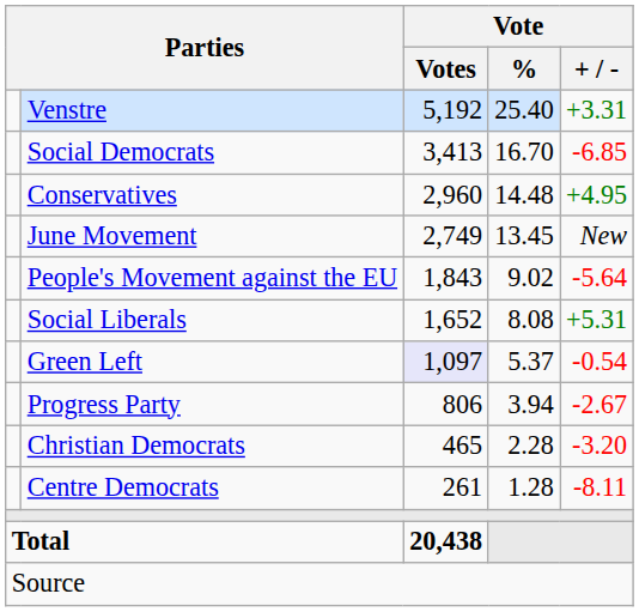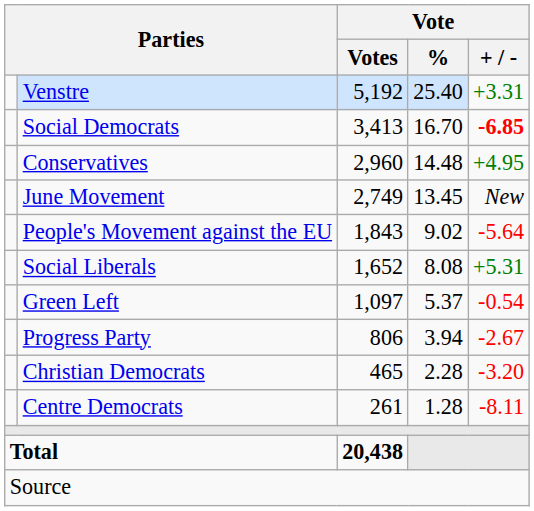 <table class="wikitable" style="text-align:right;">
 <tr>
 <th style="text-align:centre;" rowspan="2" colspan="2" width="225">Parties</th>
 <th colspan="3">Vote</th>
 </tr>
 <tr>
 <th width="15">Votes</th>
 <th width="15">%</th>
 <th width="15">+ / -</th>
 </tr>
 <tr>
 <td width="2" style="color:inherit;background:"></td>
 <td bgcolor=#cfe5fe   align="left"><a href='#'>Venstre</a></td>
 <td bgcolor=#cfe5fe>5,192</td>
 <td bgcolor=#cfe5fe>25.40</td>
 <td style=color:green;>+3.31</td>
 </tr>
 <tr>
 <td width="2" style="color:inherit;background:"></td>
 <td align="left"><a href='#'>Social Democrats</a></td>
 <td>3,413</td>
 <td>16.70</td>
-<td style=color:red;>-6.85</td>
+<td style=color:red;><strong>-6.85</strong></td>
 </tr>
 <tr>
 <td width="2" style="color:inherit;background:"></td>
 <td align="left"><a href='#'>Conservatives</a></td>
 <td>2,960</td>
 <td>14.48</td>
 <td style=color:green;>+4.95</td>
 </tr>
 <tr>
 <td width="2" style="color:inherit;background:"></td>
 <td align="left"><a href='#'>June Movement</a></td>
 <td>2,749</td>
 <td>13.45</td>
 <td><em>New</em></td>
 </tr>
 <tr>
 <td width="2" style="color:inherit;background:"></td>
 <td align="left"><a href='#'>People's Movement against the EU</a></td>
 <td>1,843</td>
 <td>9.02</td>
 <td style=color:red;>-5.64</td>
 </tr>
 <tr>
 <td width="2" style="color:inherit;background:"></td>
 <td align="left"><a href='#'>Social Liberals</a></td>
 <td>1,652</td>
 <td>8.08</td>
 <td style=color:green;>+5.31</td>
 </tr>
 <tr>
 <td width="2" style="color:inherit;background:"></td>
 <td align="left"><a href='#'>Green Left</a></td>
-<td style="background: lavender;">1,097</td>
+<td>1,097</td>
 <td>5.37</td>
 <td style=color:red;>-0.54</td>
 </tr>
 <tr>
 <td width="2" style="color:inherit;background:"></td>
 <td align="left"><a href='#'>Progress Party</a></td>
 <td>806</td>
 <td>3.94</td>
 <td style=color:red;>-2.67</td>
 </tr>
 <tr>
 <td width="2" style="color:inherit;background:"></td>
 <td align="left"><a href='#'>Christian Democrats</a></td>
 <td>465</td>
 <td>2.28</td>
 <td style=color:red;>-3.20</td>
 </tr>
 <tr>
 <td width="2" style="color:inherit;background:"></td>
 <td align="left"><a href='#'>Centre Democrats</a></td>
 <td>261</td>
 <td>1.28</td>
 <td style=color:red;>-8.11</td>
 </tr>
 <tr>
 <td colspan="7" bgcolor="#E9E9E9"></td>
 </tr>
 <tr>
 <td align="left" colspan="2"><strong>Total</strong></td>
 <td><strong>20,438</strong></td>
 <td bgcolor="#E9E9E9" colspan="2"></td>
 </tr>
 <tr>
 <td align="left" colspan="6">Source</td>
 </tr>
 </table>
